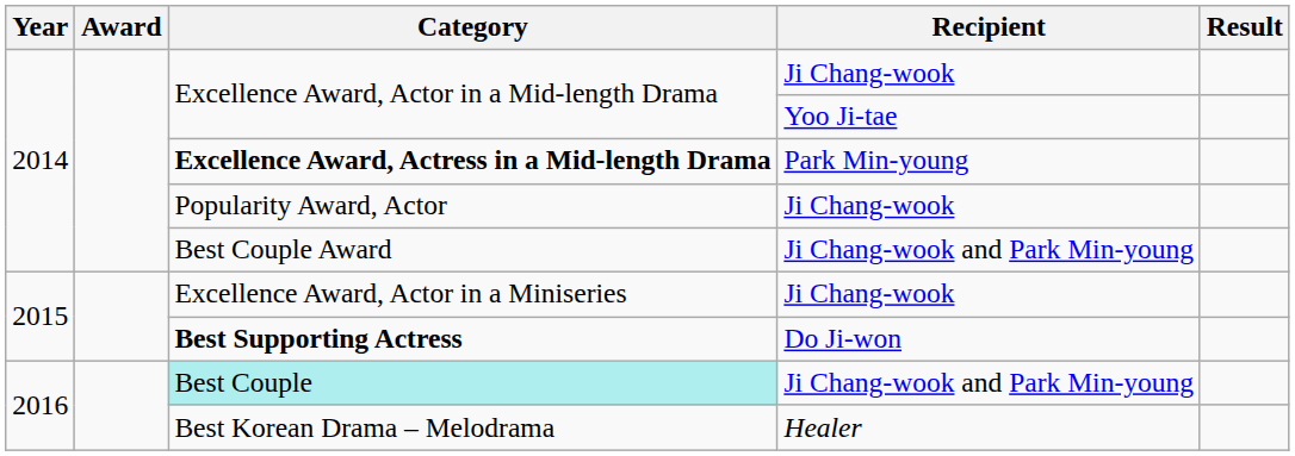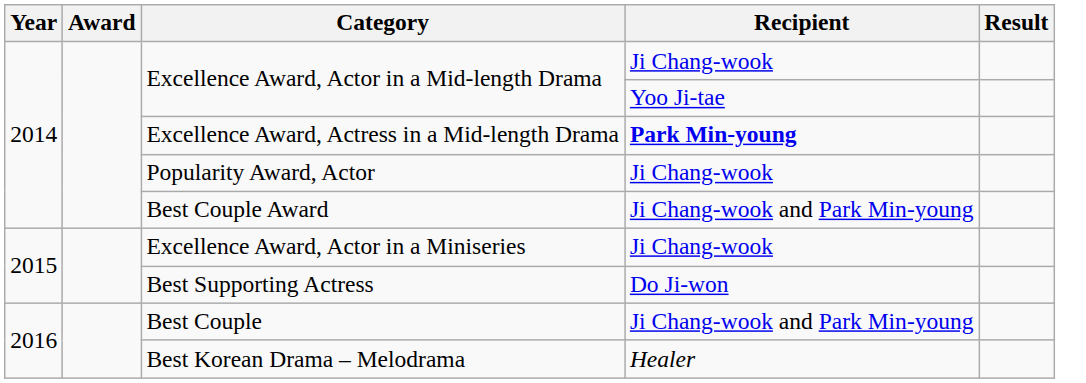 <table class="wikitable">
 <tr>
 <th>Year</th>
 <th>Award</th>
 <th>Category</th>
 <th>Recipient</th>
 <th>Result</th>
 </tr>
 <tr>
 <td rowspan="5">2014</td>
 <td rowspan="5"></td>
 <td rowspan="2">Excellence Award, Actor in a Mid-length Drama</td>
 <td><a href='#'>Ji Chang-wook</a></td>
 <td></td>
 </tr>
 <tr>
 <td><a href='#'>Yoo Ji-tae</a></td>
 <td></td>
 </tr>
 <tr>
-<td><strong>Excellence Award, Actress in a Mid-length Drama</strong></td>
-<td><a href='#'>Park Min-young</a></td>
+<td>Excellence Award, Actress in a Mid-length Drama</td>
+<td><strong><a href='#'>Park Min-young</a></strong></td>
 <td></td>
 </tr>
 <tr>
 <td>Popularity Award, Actor</td>
 <td><a href='#'>Ji Chang-wook</a></td>
 <td></td>
 </tr>
 <tr>
 <td>Best Couple Award</td>
 <td><a href='#'>Ji Chang-wook</a> and <a href='#'>Park Min-young</a></td>
 <td></td>
 </tr>
 <tr>
 <td rowspan="2">2015</td>
 <td rowspan="2"></td>
 <td>Excellence Award, Actor in a Miniseries</td>
 <td><a href='#'>Ji Chang-wook</a></td>
 <td></td>
 </tr>
 <tr>
-<td><strong>Best Supporting Actress</strong></td>
+<td>Best Supporting Actress</td>
 <td><a href='#'>Do Ji-won</a></td>
 <td></td>
 </tr>
 <tr>
 <td rowspan="2">2016</td>
 <td rowspan="2"></td>
-<td style="background: paleturquoise;">Best Couple</td>
+<td>Best Couple</td>
 <td><a href='#'>Ji Chang-wook</a> and <a href='#'>Park Min-young</a></td>
 <td></td>
 </tr>
 <tr>
 <td>Best Korean Drama – Melodrama</td>
 <td><em>Healer</em></td>
 <td></td>
 </tr>
 </table>
